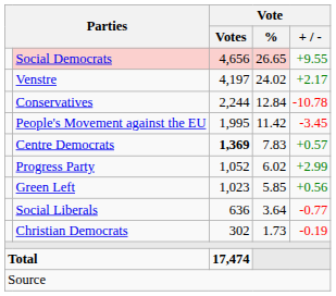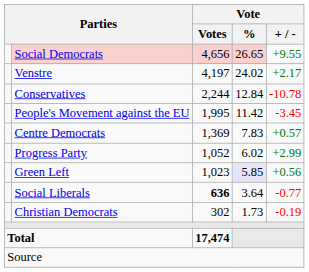 <table class="wikitable" style="text-align:right;">
 <tr>
 <th style="text-align:centre;" rowspan="2" colspan="2" width="225">Parties</th>
 <th colspan="3">Vote</th>
 </tr>
 <tr>
 <th width="15">Votes</th>
 <th width="15">%</th>
 <th width="15">+ / -</th>
 </tr>
 <tr>
 <td width="2" style="color:inherit;background:"></td>
 <td bgcolor=#fbd0ce   align="left"><a href='#'>Social Democrats</a></td>
 <td bgcolor=#fbd0ce>4,656</td>
 <td bgcolor=#fbd0ce>26.65</td>
 <td style=color:green;>+9.55</td>
 </tr>
 <tr>
 <td width="2" style="color:inherit;background:"></td>
 <td align="left"><a href='#'>Venstre</a></td>
 <td>4,197</td>
 <td>24.02</td>
 <td style=color:green;>+2.17</td>
 </tr>
 <tr>
 <td width="2" style="color:inherit;background:"></td>
 <td align="left"><a href='#'>Conservatives</a></td>
 <td>2,244</td>
 <td>12.84</td>
 <td style=color:red;>-10.78</td>
 </tr>
 <tr>
 <td width="2" style="color:inherit;background:"></td>
 <td align="left"><a href='#'>People's Movement against the EU</a></td>
 <td>1,995</td>
 <td>11.42</td>
 <td style=color:red;>-3.45</td>
 </tr>
 <tr>
 <td width="2" style="color:inherit;background:"></td>
 <td align="left"><a href='#'>Centre Democrats</a></td>
-<td><strong>1,369</strong></td>
+<td>1,369</td>
 <td>7.83</td>
 <td style=color:green;>+0.57</td>
 </tr>
 <tr>
 <td width="2" style="color:inherit;background:"></td>
 <td align="left"><a href='#'>Progress Party</a></td>
 <td>1,052</td>
 <td>6.02</td>
 <td style=color:green;>+2.99</td>
 </tr>
 <tr>
 <td width="2" style="color:inherit;background:"></td>
 <td align="left"><a href='#'>Green Left</a></td>
 <td>1,023</td>
-<td>5.85</td>
+<td style="background: lavender;">5.85</td>
 <td style=color:green;>+0.56</td>
 </tr>
 <tr>
 <td width="2" style="color:inherit;background:"></td>
 <td align="left"><a href='#'>Social Liberals</a></td>
-<td>636</td>
+<td><strong>636</strong></td>
 <td>3.64</td>
 <td style=color:red;>-0.77</td>
 </tr>
 <tr>
 <td width="2" style="color:inherit;background:"></td>
 <td align="left"><a href='#'>Christian Democrats</a></td>
 <td>302</td>
 <td>1.73</td>
 <td style=color:red;>-0.19</td>
 </tr>
 <tr>
 <td colspan="7" bgcolor="#E9E9E9"></td>
 </tr>
 <tr>
 <td align="left" colspan="2"><strong>Total</strong></td>
 <td><strong>17,474</strong></td>
 <td bgcolor="#E9E9E9" colspan="2"></td>
 </tr>
 <tr>
 <td align="left" colspan="6">Source</td>
 </tr>
 </table>
